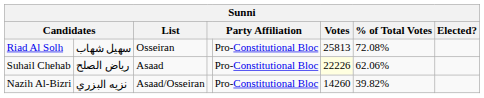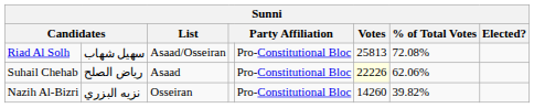 <table class="wikitable sortable">
 <tr>
 <th colspan="8">Sunni</th>
 </tr>
 <tr>
 <th colspan="2">Candidates</th>
 <th>List</th>
 <th colspan="2">Party Affiliation</th>
 <th>Votes</th>
 <th>% of Total Votes</th>
 <th>Elected?</th>
 </tr>
 <tr>
 <td><a href='#'>Riad Al Solh</a></td>
 <td>سهيل شهاب</td>
-<td>Osseiran</td>
+<td>Asaad/Osseiran</td>
 <td style="background: "></td>
 <td>Pro-<a href='#'>Constitutional Bloc</a></td>
 <td>25813</td>
 <td>72.08%</td>
 <td></td>
 </tr>
 <tr>
 <td>Suhail Chehab</td>
 <td>رياض الصلح</td>
 <td>Asaad</td>
 <td style="background: "></td>
 <td>Pro-<a href='#'>Constitutional Bloc</a></td>
 <td style="background: lightyellow;">22226</td>
 <td>62.06%</td>
 <td></td>
 </tr>
 <tr>
 <td>Nazih Al-Bizri</td>
 <td>نزيه البزري</td>
-<td>Asaad/Osseiran</td>
+<td>Osseiran</td>
 <td style="background: "></td>
 <td>Pro-<a href='#'>Constitutional Bloc</a></td>
 <td>14260</td>
 <td>39.82%</td>
 <td></td>
 </tr>
 </table>
